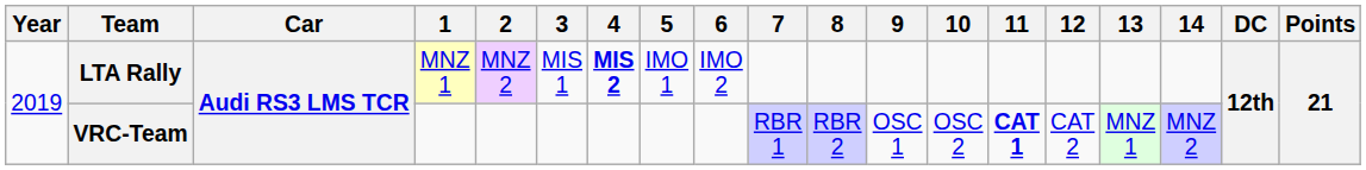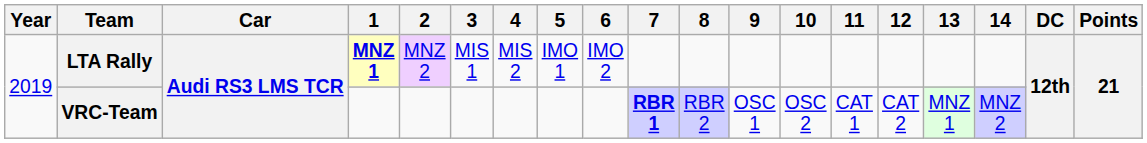 <table class="wikitable" style="text-align:center; font-size:85%">
 <tr>
 <th>Year</th>
 <th>Team</th>
 <th>Car</th>
 <th>1</th>
 <th>2</th>
 <th>3</th>
 <th>4</th>
 <th>5</th>
 <th>6</th>
 <th>7</th>
 <th>8</th>
 <th>9</th>
 <th>10</th>
 <th>11</th>
 <th>12</th>
 <th>13</th>
 <th>14</th>
 <th>DC</th>
 <th>Points</th>
 </tr>
 <tr>
 <td rowspan=2><a href='#'>2019</a></td>
 <th>LTA Rally</th>
 <th rowspan=2><a href='#'>Audi RS3 LMS TCR</a></th>
-<td style="background:#ffffbf;"><a href='#'>MNZ<br>1</a><br></td>
+<td style="background:#ffffbf;"><strong><a href='#'>MNZ<br>1</a><br></strong></td>
 <td style="background:#efcfff;"><a href='#'>MNZ<br>2</a><br></td>
 <td style="background:#;"><a href='#'>MIS<br>1</a><br></td>
-<td style="background:#;"><strong><a href='#'>MIS<br>2</a><br></strong></td>
+<td style="background:#;"><a href='#'>MIS<br>2</a><br></td>
 <td style="background:#;"><a href='#'>IMO<br>1</a><br></td>
 <td style="background:#;"><a href='#'>IMO<br>2</a><br></td>
 <td></td>
 <td></td>
 <td></td>
 <td></td>
 <td></td>
 <td></td>
 <td></td>
 <td></td>
 <th rowspan=2>12th</th>
 <th rowspan=2>21</th>
 </tr>
 <tr>
 <th>VRC-Team</th>
 <td></td>
 <td></td>
 <td></td>
 <td></td>
 <td></td>
 <td></td>
-<td style="background:#cfcfff;"><a href='#'>RBR<br>1</a><br></td>
+<td style="background:#cfcfff;"><strong><a href='#'>RBR<br>1</a><br></strong></td>
 <td style="background:#cfcfff;"><a href='#'>RBR<br>2</a><br></td>
 <td style="background:#;"><a href='#'>OSC<br>1</a><br></td>
 <td style="background:#;"><a href='#'>OSC<br>2</a><br></td>
-<td style="background:#;"><strong><a href='#'>CAT<br>1</a><br></strong></td>
+<td style="background:#;"><a href='#'>CAT<br>1</a><br></td>
 <td style="background:#;"><a href='#'>CAT<br>2</a><br></td>
 <td style="background:#dfffdf;"><a href='#'>MNZ<br>1</a><br></td>
 <td style="background:#cfcfff;"><a href='#'>MNZ<br>2</a><br></td>
 </tr>
 </table>
